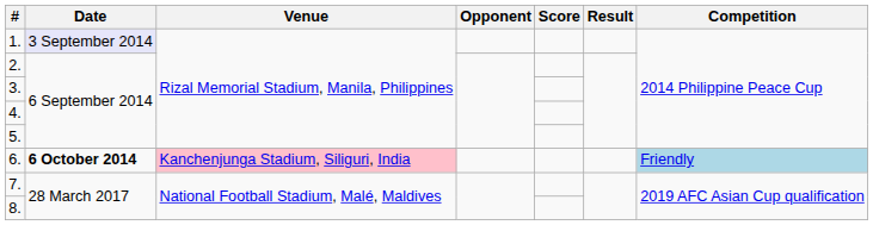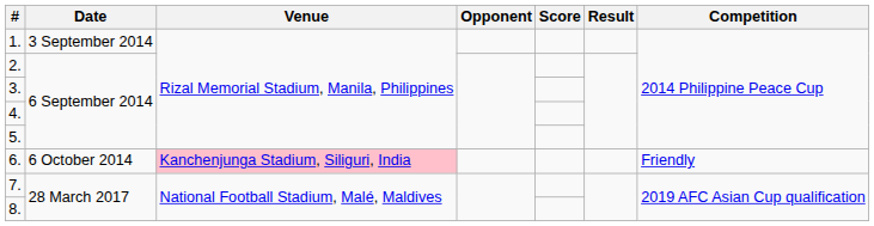 <table class="wikitable">
 <tr>
 <th>#</th>
 <th>Date</th>
 <th>Venue</th>
 <th>Opponent</th>
 <th>Score</th>
 <th>Result</th>
 <th>Competition</th>
 </tr>
 <tr>
 <td>1.</td>
-<td style="background: lavender;">3 September 2014</td>
+<td>3 September 2014</td>
 <td rowspan=5><a href='#'>Rizal Memorial Stadium</a>, <a href='#'>Manila</a>, <a href='#'>Philippines</a></td>
 <td></td>
 <td></td>
 <td></td>
 <td rowspan=5><a href='#'>2014 Philippine Peace Cup</a></td>
 </tr>
 <tr>
 <td>2.</td>
 <td rowspan=4>6 September 2014</td>
 <td rowspan=4></td>
 <td></td>
 <td rowspan=4></td>
 </tr>
 <tr>
 <td>3.</td>
 <td></td>
 </tr>
 <tr>
 <td>4.</td>
 <td></td>
 </tr>
 <tr>
 <td>5.</td>
 <td></td>
 </tr>
 <tr>
 <td>6.</td>
-<td><strong>6 October 2014</strong></td>
+<td>6 October 2014</td>
 <td style="background: pink;"><a href='#'>Kanchenjunga Stadium</a>, <a href='#'>Siliguri</a>, <a href='#'>India</a></td>
 <td></td>
 <td></td>
 <td></td>
-<td style="background: lightblue;"><a href='#'>Friendly</a></td>
+<td><a href='#'>Friendly</a></td>
 </tr>
 <tr>
 <td>7.</td>
 <td rowspan=2>28 March 2017</td>
 <td rowspan=2><a href='#'>National Football Stadium</a>, <a href='#'>Malé</a>, <a href='#'>Maldives</a></td>
 <td rowspan=2></td>
 <td></td>
 <td rowspan=2></td>
 <td rowspan=2><a href='#'>2019 AFC Asian Cup qualification</a></td>
 </tr>
 <tr>
 <td>8.</td>
 <td></td>
 </tr>
 </table>
